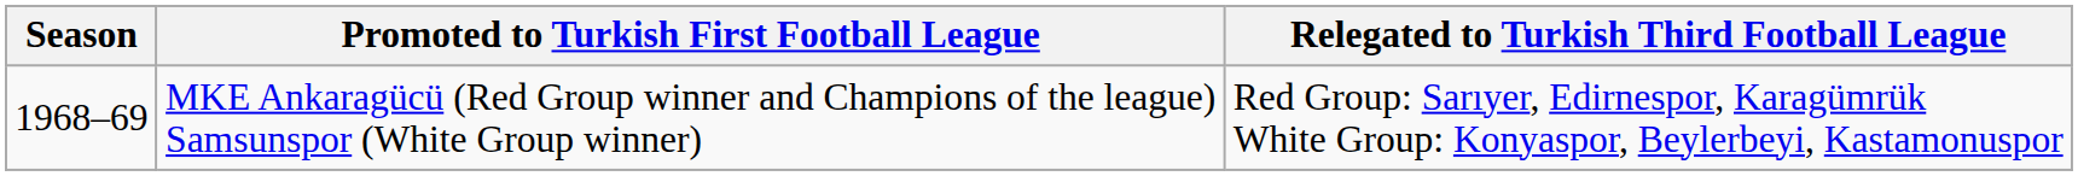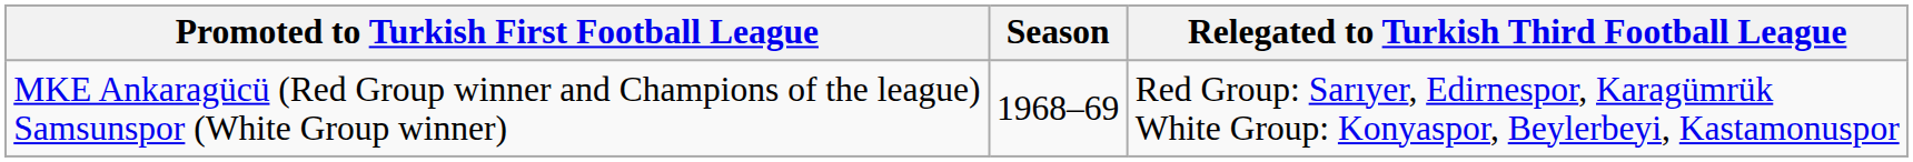 <table class="wikitable">
 <tr>
+<th>Promoted to <a href='#'>Turkish First Football League</a></th>
 <th>Season</th>
-<th>Promoted to <a href='#'>Turkish First Football League</a></th>
 <th>Relegated to <a href='#'>Turkish Third Football League</a></th>
 </tr>
 <tr>
+<td><a href='#'>MKE Ankaragücü</a> (Red Group winner and Champions of the league)<br><a href='#'>Samsunspor</a> (White Group winner)</td>
 <td>1968–69</td>
-<td><a href='#'>MKE Ankaragücü</a> (Red Group winner and Champions of the league)<br><a href='#'>Samsunspor</a> (White Group winner)</td>
 <td>Red Group: <a href='#'>Sarıyer</a>, <a href='#'>Edirnespor</a>, <a href='#'>Karagümrük</a><br>White Group: <a href='#'>Konyaspor</a>, <a href='#'>Beylerbeyi</a>, <a href='#'>Kastamonuspor</a></td>
 </tr>
 </table>
